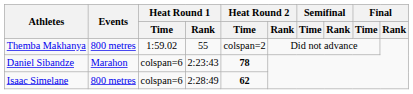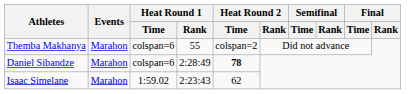 <table class=wikitable style=font-size:90%>
 <tr>
 <th rowspan=2>Athletes</th>
 <th rowspan=2>Events</th>
 <th colspan=2>Heat Round 1</th>
 <th colspan=2>Heat Round 2</th>
 <th colspan=2>Semifinal</th>
 <th colspan=2>Final</th>
 </tr>
 <tr>
 <th>Time</th>
 <th>Rank</th>
 <th>Time</th>
 <th>Rank</th>
 <th>Time</th>
 <th>Rank</th>
 <th>Time</th>
 <th>Rank</th>
 </tr>
 <tr>
 <td><a href='#'>Themba Makhanya</a></td>
-<td><a href='#'>800 metres</a></td>
-<td align=center>1:59.02</td>
+<td><a href='#'>Marahon</a></td>
+<td>colspan=6 </td>
 <td align=center>55</td>
 <td>colspan=2 </td>
 <td align=center colspan=4>Did not advance</td>
 </tr>
 <tr>
 <td><a href='#'>Daniel Sibandze</a></td>
 <td><a href='#'>Marahon</a></td>
 <td>colspan=6 </td>
-<td align=center>2:23:43</td>
+<td align=center>2:28:49</td>
 <td align=center><strong>78</strong></td>
 </tr>
 <tr>
 <td><a href='#'>Isaac Simelane</a></td>
-<td><a href='#'>800 metres</a></td>
-<td>colspan=6 </td>
-<td align=center>2:28:49</td>
-<td align=center><strong>62</strong></td>
+<td><a href='#'>Marahon</a></td>
+<td align=center>1:59.02</td>
+<td align=center>2:23:43</td>
+<td align=center>62</td>
 </tr>
 </table>
